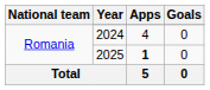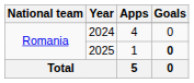 <table class="wikitable" style="text-align:center">
 <tr>
 <th>National team</th>
 <th>Year</th>
 <th>Apps</th>
 <th>Goals</th>
 </tr>
 <tr>
 <td rowspan="3"><a href='#'>Romania</a></td>
 </tr>
 <tr>
 <td>2024</td>
 <td>4</td>
 <td>0</td>
 </tr>
 <tr>
 <td>2025</td>
-<td><strong>1</strong></td>
-<td>0</td>
+<td>1</td>
+<td><strong>0</strong></td>
 </tr>
 <tr>
 <th colspan=2>Total</th>
 <th>5</th>
 <th>0</th>
 </tr>
 </table>
